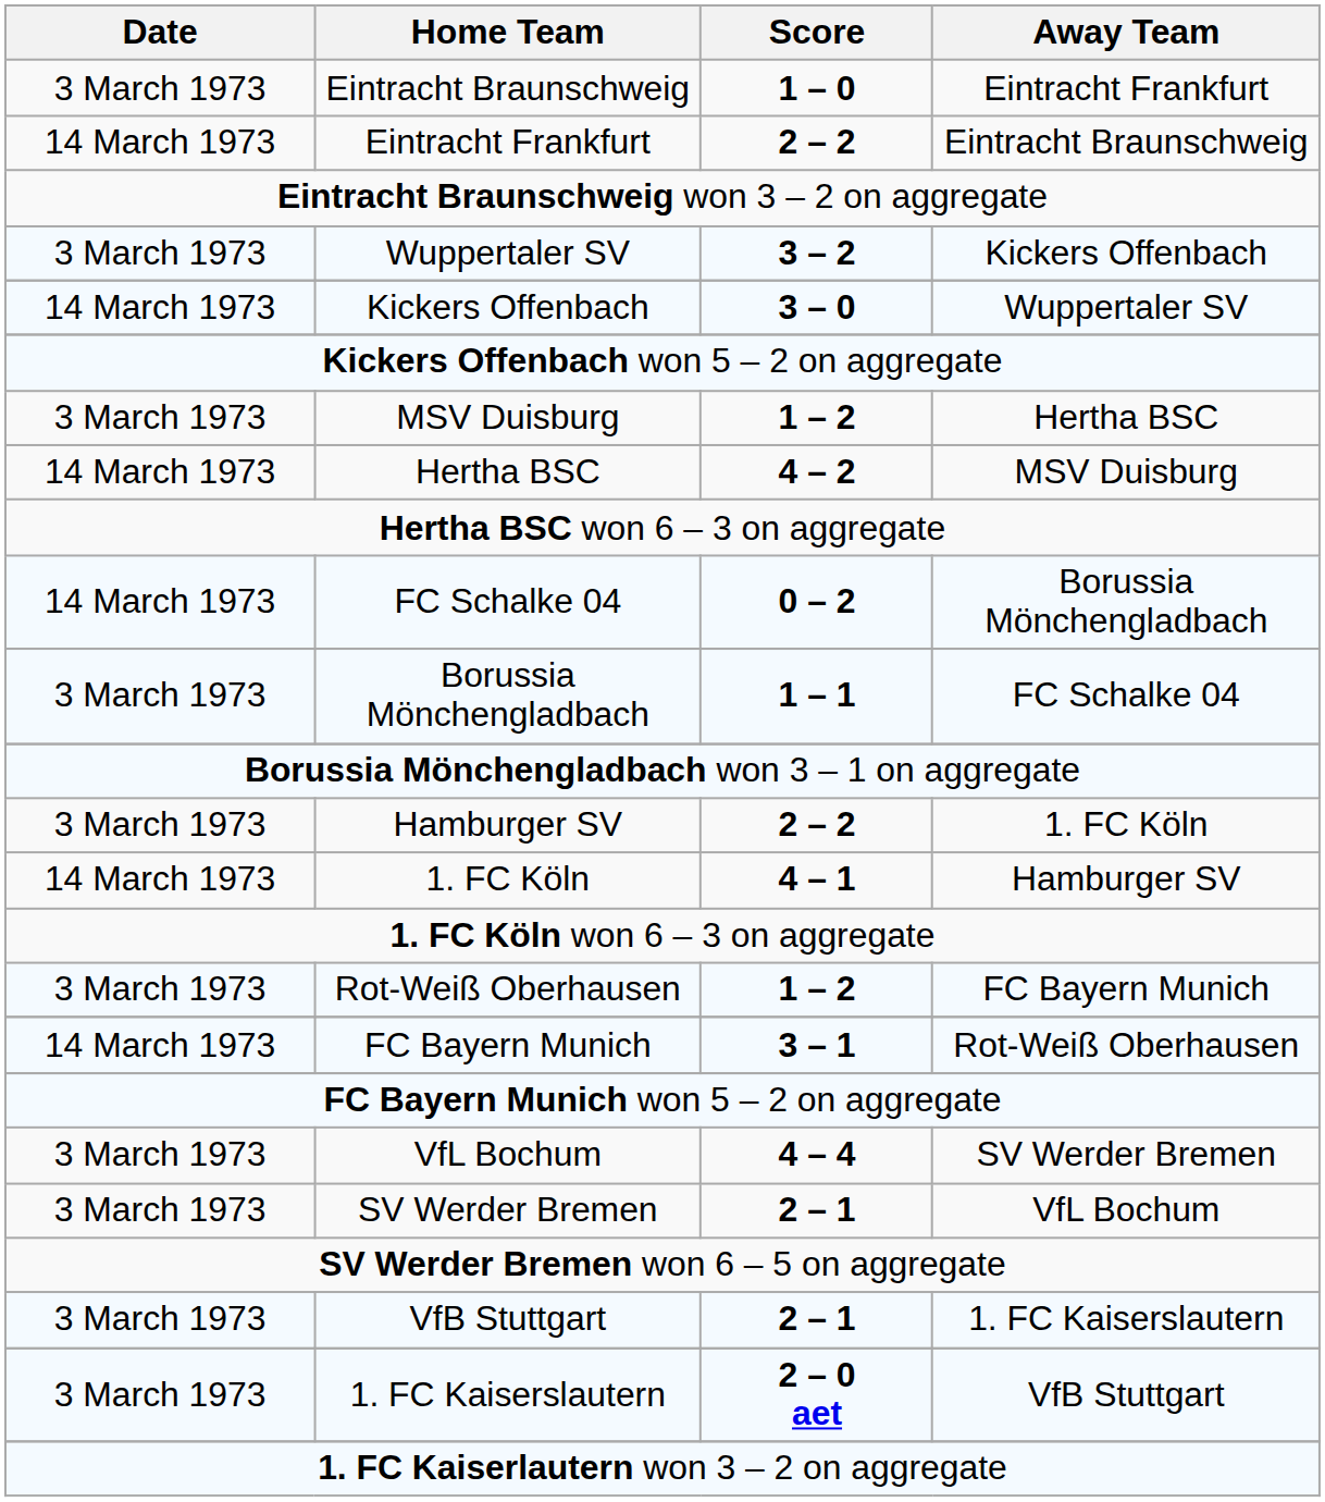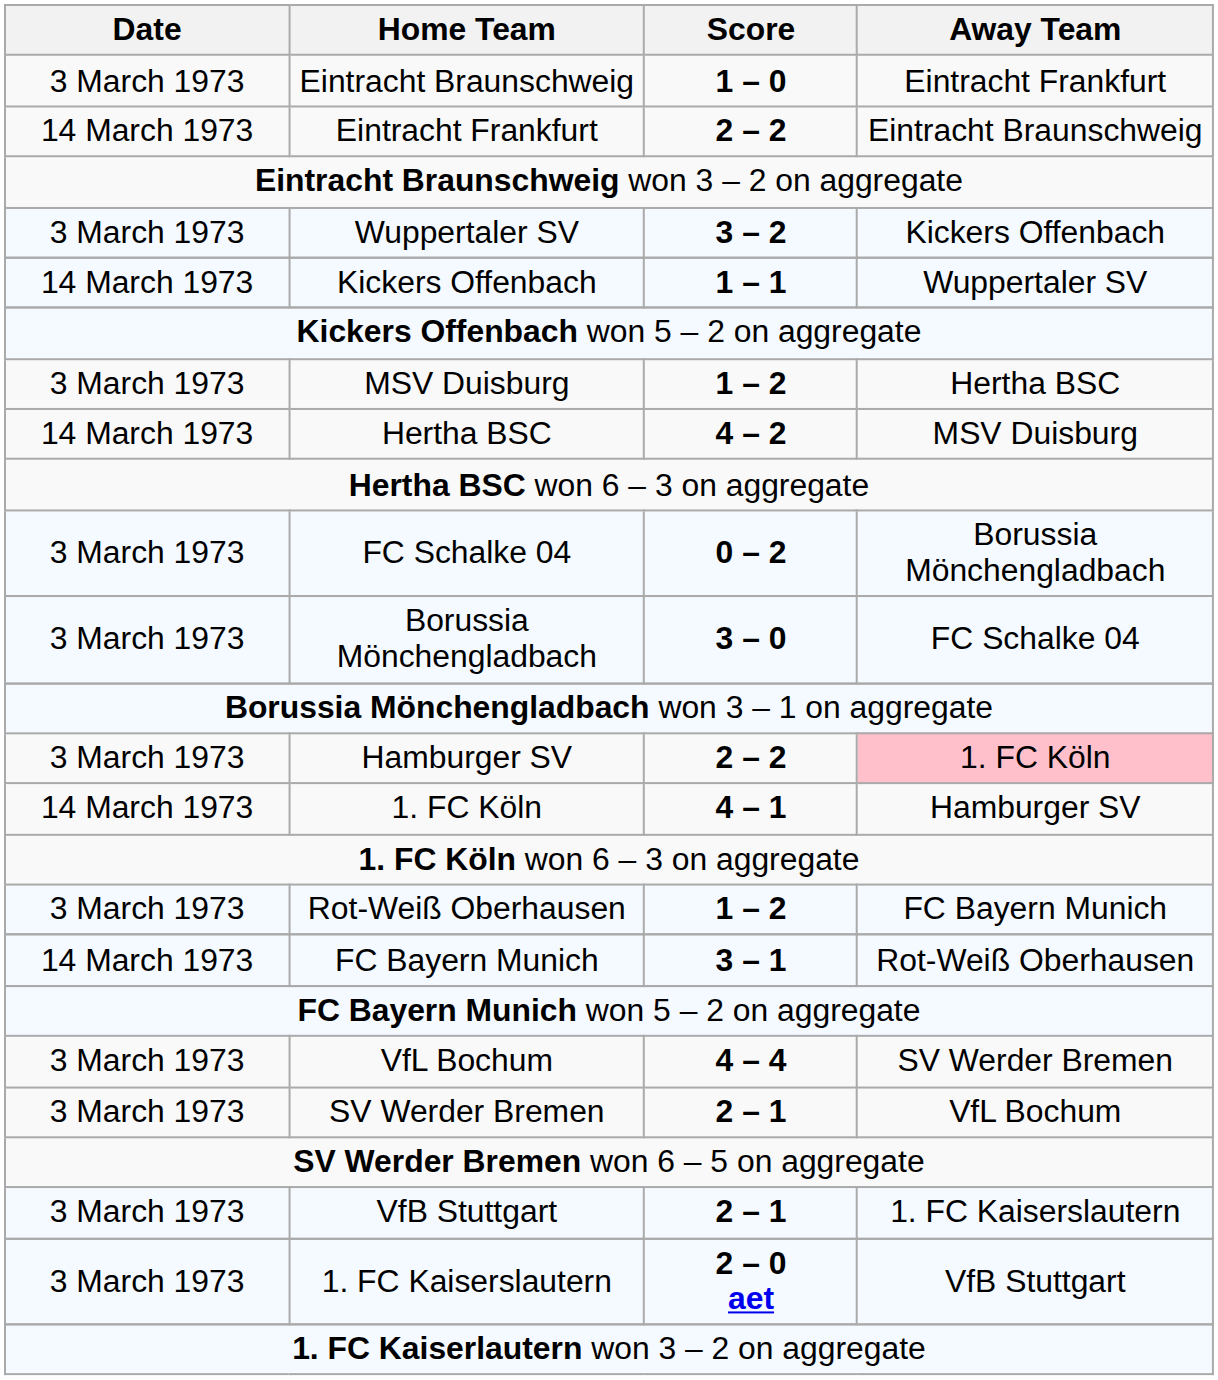 <table class="wikitable" style="text-align: center;">
 <tr>
 <th width=20%>Date</th>
 <th width=25%>Home Team</th>
 <th width=15%>Score</th>
 <th width=25%>Away Team</th>
 </tr>
 <tr>
 <td>3 March 1973</td>
 <td>Eintracht Braunschweig</td>
 <td><strong>1 – 0</strong></td>
 <td>Eintracht Frankfurt</td>
 </tr>
 <tr>
 <td>14 March 1973</td>
 <td>Eintracht Frankfurt</td>
 <td><strong>2 – 2</strong></td>
 <td>Eintracht Braunschweig</td>
 </tr>
 <tr>
 <td colspan=4><strong>Eintracht Braunschweig</strong> won 3 – 2 on aggregate</td>
 </tr>
 <tr style="background: #F4FAFF;">
 <td>3 March 1973</td>
 <td>Wuppertaler SV</td>
 <td><strong>3 – 2</strong></td>
 <td>Kickers Offenbach</td>
 </tr>
 <tr>
 </tr>
 <tr style="background: #F4FAFF;">
 <td>14 March 1973</td>
 <td>Kickers Offenbach</td>
-<td><strong>3 – 0</strong></td>
+<td><strong>1 – 1<br></strong></td>
 <td>Wuppertaler SV</td>
 </tr>
 <tr>
 </tr>
 <tr style="background: #F4FAFF;">
 <td colspan=4><strong>Kickers Offenbach</strong> won 5 – 2 on aggregate</td>
 </tr>
 <tr>
 <td>3 March 1973</td>
 <td>MSV Duisburg</td>
 <td><strong>1 – 2</strong></td>
 <td>Hertha BSC</td>
 </tr>
 <tr>
 <td>14 March 1973</td>
 <td>Hertha BSC</td>
 <td><strong>4 – 2</strong></td>
 <td>MSV Duisburg</td>
 </tr>
 <tr>
 <td colspan=4><strong>Hertha BSC</strong> won 6 – 3 on aggregate</td>
 </tr>
 <tr style="background: #F4FAFF;">
-<td>14 March 1973</td>
+<td>3 March 1973</td>
 <td>FC Schalke 04</td>
 <td><strong>0 – 2</strong></td>
 <td>Borussia Mönchengladbach</td>
 </tr>
 <tr>
 </tr>
 <tr style="background: #F4FAFF;">
 <td>3 March 1973</td>
 <td>Borussia Mönchengladbach</td>
-<td><strong>1 – 1<br></strong></td>
+<td><strong>3 – 0</strong></td>
 <td>FC Schalke 04</td>
 </tr>
 <tr>
 </tr>
 <tr style="background: #F4FAFF;">
 <td colspan=4><strong>Borussia Mönchengladbach</strong> won 3 – 1 on aggregate</td>
 </tr>
 <tr>
 <td>3 March 1973</td>
 <td>Hamburger SV</td>
 <td><strong>2 – 2</strong></td>
-<td>1. FC Köln</td>
+<td style="background: pink;">1. FC Köln</td>
 </tr>
 <tr>
 <td>14 March 1973</td>
 <td>1. FC Köln</td>
 <td><strong>4 – 1<br></strong></td>
 <td>Hamburger SV</td>
 </tr>
 <tr>
 <td colspan=4><strong>1. FC Köln</strong> won 6 – 3 on aggregate</td>
 </tr>
 <tr style="background: #F4FAFF;">
 <td>3 March 1973</td>
 <td>Rot-Weiß Oberhausen</td>
 <td><strong>1 – 2</strong></td>
 <td>FC Bayern Munich</td>
 </tr>
 <tr>
 </tr>
 <tr style="background: #F4FAFF;">
 <td>14 March 1973</td>
 <td>FC Bayern Munich</td>
 <td><strong>3 – 1<br></strong></td>
 <td>Rot-Weiß Oberhausen</td>
 </tr>
 <tr>
 </tr>
 <tr style="background: #F4FAFF;">
 <td colspan=4><strong>FC Bayern Munich</strong> won 5 – 2 on aggregate</td>
 </tr>
 <tr>
 <td>3 March 1973</td>
 <td>VfL Bochum</td>
 <td><strong>4 – 4</strong></td>
 <td>SV Werder Bremen</td>
 </tr>
 <tr>
 <td>3 March 1973</td>
 <td>SV Werder Bremen</td>
 <td><strong>2 – 1</strong></td>
 <td>VfL Bochum</td>
 </tr>
 <tr>
 <td colspan=4><strong>SV Werder Bremen</strong> won 6 – 5 on aggregate</td>
 </tr>
 <tr style="background: #F4FAFF;">
 <td>3 March 1973</td>
 <td>VfB Stuttgart</td>
 <td><strong>2 – 1</strong></td>
 <td>1. FC Kaiserslautern</td>
 </tr>
 <tr>
 </tr>
 <tr style="background: #F4FAFF;">
 <td>3 March 1973</td>
 <td>1. FC Kaiserslautern</td>
 <td><strong>2 – 0<br><a href='#'>aet</a></strong></td>
 <td>VfB Stuttgart</td>
 </tr>
 <tr>
 </tr>
 <tr style="background: #F4FAFF;">
 <td colspan=4><strong>1. FC Kaiserlautern</strong> won 3 – 2 on aggregate</td>
 </tr>
 </table>
